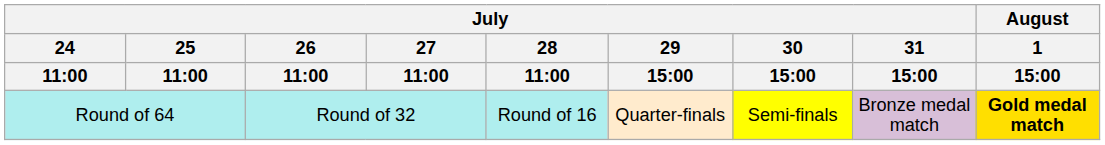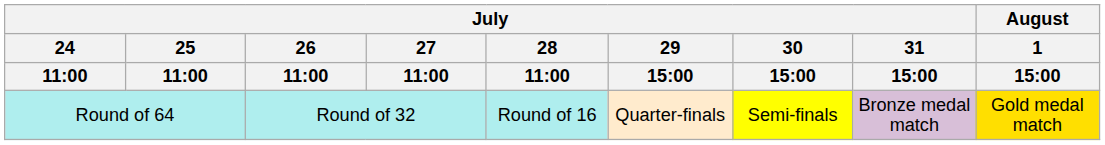 <table class="wikitable" style="text-align: center; font-size: 90%;">
 <tr>
 <th colspan=8>July</th>
 <th>August</th>
 </tr>
 <tr>
 <th width=100>24</th>
 <th width=100>25</th>
 <th width=100>26</th>
 <th width=100>27</th>
 <th width=100>28</th>
 <th width=100>29</th>
 <th width=100>30</th>
 <th width=100>31</th>
 <th width=100>1</th>
 </tr>
 <tr>
 <th>11:00</th>
 <th>11:00</th>
 <th>11:00</th>
 <th>11:00</th>
 <th>11:00</th>
 <th>15:00</th>
 <th>15:00</th>
 <th>15:00</th>
 <th>15:00</th>
 </tr>
 <tr>
 <td colspan="2" bgcolor="#afeeee">Round of 64</td>
 <td colspan="2" bgcolor="#afeeee">Round of 32</td>
 <td bgcolor="#afeeee">Round of 16</td>
 <td bgcolor=#ffebcd>Quarter-finals</td>
 <td bgcolor=#FFFF00>Semi-finals</td>
 <td bgcolor=#D8BFD8>Bronze medal match</td>
-<td bgcolor=#ffdf00><strong>Gold medal match</strong></td>
+<td bgcolor=#ffdf00>Gold medal match</td>
 </tr>
 </table>
